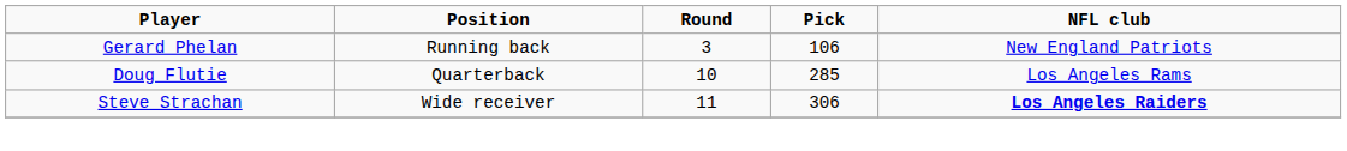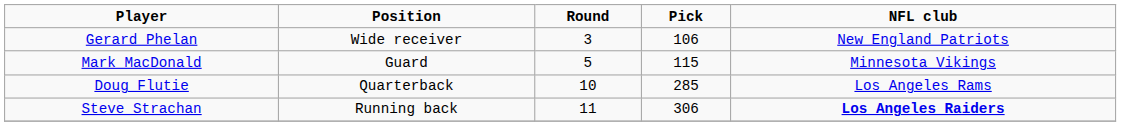 <table class="wikitable" width="80%">
 <tr align="center">
 <td><strong>Player</strong></td>
 <td><strong>Position</strong></td>
 <td><strong>Round</strong></td>
 <td><strong>Pick</strong></td>
 <td><strong>NFL club</strong></td>
 </tr>
 <tr align="center" bgcolor="">
 <td><a href='#'>Gerard Phelan</a></td>
-<td>Running back</td>
+<td>Wide receiver</td>
 <td>3</td>
 <td>106</td>
 <td><a href='#'>New England Patriots</a></td>
+</tr>
+<tr align="center" bgcolor="">
+<td><a href='#'>Mark MacDonald</a></td>
+<td>Guard</td>
+<td>5</td>
+<td>115</td>
+<td><a href='#'>Minnesota Vikings</a></td>
 </tr>
 <tr align="center" bgcolor="">
 <td><a href='#'>Doug Flutie</a></td>
 <td>Quarterback</td>
 <td>10</td>
 <td>285</td>
 <td><a href='#'>Los Angeles Rams</a></td>
 </tr>
 <tr align="center" bgcolor="">
 <td><a href='#'>Steve Strachan</a></td>
-<td>Wide receiver</td>
+<td>Running back</td>
 <td>11</td>
 <td>306</td>
 <td><strong><a href='#'>Los Angeles Raiders</a></strong></td>
 </tr>
 <tr align="center" bgcolor="">
 </tr>
 </table>
